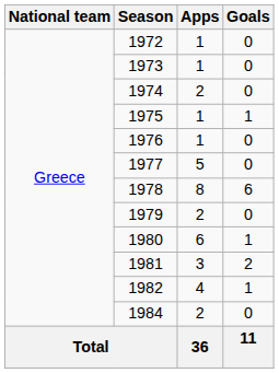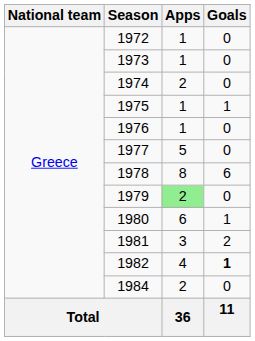 <table class="wikitable" style="text-align:center">
 <tr>
 <th>National team</th>
 <th>Season</th>
 <th>Apps</th>
 <th>Goals</th>
 </tr>
 <tr>
 <td rowspan=12><a href='#'>Greece</a></td>
 <td>1972</td>
 <td>1</td>
 <td>0</td>
 </tr>
 <tr>
 <td>1973</td>
 <td>1</td>
 <td>0</td>
 </tr>
 <tr>
 <td>1974</td>
 <td>2</td>
 <td>0</td>
 </tr>
 <tr>
 <td>1975</td>
 <td>1</td>
 <td>1</td>
 </tr>
 <tr>
 <td>1976</td>
 <td>1</td>
 <td>0</td>
 </tr>
 <tr>
 <td>1977</td>
 <td>5</td>
 <td>0</td>
 </tr>
 <tr>
 <td>1978</td>
 <td>8</td>
 <td>6</td>
 </tr>
 <tr>
 <td>1979</td>
-<td>2</td>
+<td style="background: lightgreen;">2</td>
 <td>0</td>
 </tr>
 <tr>
 <td>1980</td>
 <td>6</td>
 <td>1</td>
 </tr>
 <tr>
 <td>1981</td>
 <td>3</td>
 <td>2</td>
 </tr>
 <tr>
 <td>1982</td>
 <td>4</td>
-<td>1</td>
+<td><strong>1</strong></td>
 </tr>
 <tr>
 <td>1984</td>
 <td>2</td>
 <td>0</td>
 </tr>
 <tr>
 <th colspan=2>Total</th>
 <th>36</th>
 <th>11<br><br>           </th>
 </tr>
 </table>
